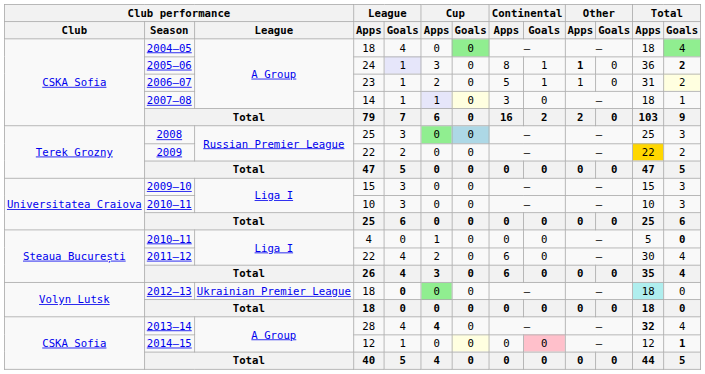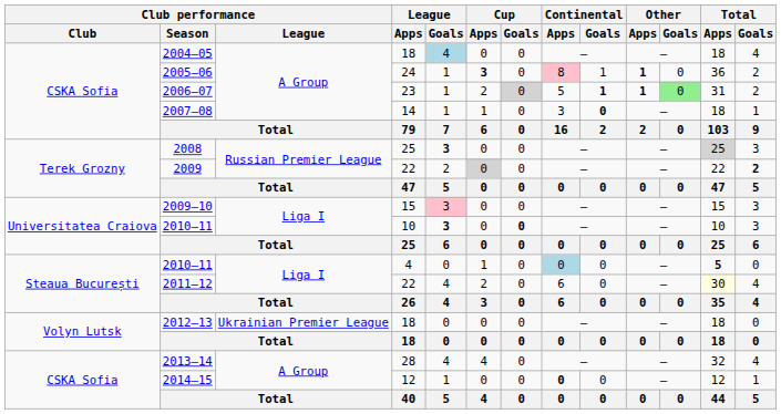 <table class="wikitable" style="text-align: center">
 <tr>
 <th Colspan="3">Club performance</th>
 <th Colspan="2">League</th>
 <th Colspan="2">Cup</th>
 <th Colspan="2">Continental</th>
 <th Colspan="2">Other</th>
 <th Colspan="3">Total</th>
 </tr>
 <tr>
 <th>Club</th>
 <th>Season</th>
 <th>League</th>
 <th>Apps</th>
 <th>Goals</th>
 <th>Apps</th>
 <th>Goals</th>
 <th>Apps</th>
 <th>Goals</th>
 <th>Apps</th>
 <th>Goals</th>
 <th>Apps</th>
 <th>Goals</th>
 </tr>
 <tr>
 <td rowspan="5" valign="center"><a href='#'>CSKA Sofia</a></td>
 <td><a href='#'>2004–05</a></td>
 <td rowspan="4"><a href='#'>A Group</a></td>
 <td>18</td>
-<td>4</td>
+<td style="background: lightblue;">4</td>
 <td>0</td>
-<td style="background: lightgreen;">0</td>
+<td>0</td>
 <td colspan="2">–</td>
 <td colspan="2">–</td>
 <td>18</td>
-<td style="background: lightgreen;">4</td>
+<td>4</td>
 </tr>
 <tr>
 <td><a href='#'>2005–06</a></td>
 <td>24</td>
-<td style="background: lavender;">1</td>
-<td>3</td>
+<td>1</td>
+<td><strong>3</strong></td>
 <td>0</td>
-<td>8</td>
+<td style="background: pink;">8</td>
 <td>1</td>
 <td><strong>1</strong></td>
 <td>0</td>
 <td>36</td>
-<td><strong>2</strong></td>
+<td>2</td>
 </tr>
 <tr>
 <td><a href='#'>2006–07</a></td>
 <td>23</td>
 <td>1</td>
 <td>2</td>
-<td>0</td>
+<td style="background: lightgrey;">0</td>
 <td>5</td>
-<td>1</td>
-<td>1</td>
-<td>0</td>
+<td><strong>1</strong></td>
+<td><strong>1</strong></td>
+<td style="background: lightgreen;">0</td>
 <td>31</td>
-<td style="background: lightyellow;">2</td>
+<td>2</td>
 </tr>
 <tr>
 <td><a href='#'>2007–08</a></td>
 <td>14</td>
 <td>1</td>
-<td style="background: lavender;">1</td>
-<td style="background: lightyellow;">0</td>
+<td>1</td>
+<td>0</td>
 <td>3</td>
-<td>0</td>
+<td><strong>0</strong></td>
 <td colspan="2">–</td>
 <td>18</td>
 <td>1</td>
 </tr>
 <tr>
 <th colspan=2>Total</th>
 <th>79</th>
 <th>7</th>
 <th>6</th>
 <th>0</th>
 <th>16</th>
 <th>2</th>
 <th>2</th>
 <th>0</th>
 <th>103</th>
 <th>9</th>
 </tr>
 <tr>
 <td rowspan="3" valign="center"><a href='#'>Terek Grozny</a></td>
 <td><a href='#'>2008</a></td>
 <td rowspan="2"><a href='#'>Russian Premier League</a></td>
 <td>25</td>
-<td>3</td>
-<td style="background: lightgreen;">0</td>
-<td style="background: lightblue;">0</td>
+<td><strong>3</strong></td>
+<td>0</td>
+<td>0</td>
 <td colspan="2">–</td>
 <td colspan="2">–</td>
-<td>25</td>
+<td style="background: lightgrey;">25</td>
 <td>3</td>
 </tr>
 <tr>
 <td><a href='#'>2009</a></td>
 <td>22</td>
 <td>2</td>
-<td>0</td>
+<td style="background: lightgrey;">0</td>
 <td>0</td>
 <td colspan="2">–</td>
 <td colspan="2">–</td>
-<td style="background: gold;">22</td>
-<td>2</td>
+<td>22</td>
+<td><strong>2</strong></td>
 </tr>
 <tr>
 <th colspan=2>Total</th>
 <th>47</th>
 <th>5</th>
 <th>0</th>
 <th>0</th>
 <th>0</th>
 <th>0</th>
 <th>0</th>
 <th>0</th>
 <th>47</th>
 <th>5</th>
 </tr>
 <tr>
 <td rowspan="3" valign="center"><a href='#'>Universitatea Craiova</a></td>
 <td><a href='#'>2009–10</a></td>
 <td rowspan="2"><a href='#'>Liga I</a></td>
 <td>15</td>
-<td>3</td>
+<td style="background: pink;">3</td>
 <td>0</td>
 <td>0</td>
 <td colspan="2">–</td>
 <td colspan="2">–</td>
 <td>15</td>
 <td>3</td>
 </tr>
 <tr>
 <td><a href='#'>2010–11</a></td>
 <td>10</td>
-<td>3</td>
+<td><strong>3</strong></td>
 <td>0</td>
-<td>0</td>
+<td><strong>0</strong></td>
 <td colspan="2">–</td>
 <td colspan="2">–</td>
 <td>10</td>
 <td>3</td>
 </tr>
 <tr>
 <th colspan=2>Total</th>
 <th>25</th>
 <th>6</th>
 <th>0</th>
 <th>0</th>
 <th>0</th>
 <th>0</th>
 <th>0</th>
 <th>0</th>
 <th>25</th>
 <th>6</th>
 </tr>
 <tr>
 <td rowspan="3" valign="center"><a href='#'>Steaua București</a></td>
 <td><a href='#'>2010–11</a></td>
 <td rowspan="2"><a href='#'>Liga I</a></td>
 <td>4</td>
 <td>0</td>
 <td>1</td>
 <td>0</td>
-<td>0</td>
+<td style="background: lightblue;">0</td>
 <td>0</td>
 <td colspan="2">–</td>
-<td>5</td>
-<td><strong>0</strong></td>
+<td><strong>5</strong></td>
+<td>0</td>
 </tr>
 <tr>
 <td><a href='#'>2011–12</a></td>
 <td>22</td>
 <td>4</td>
 <td>2</td>
 <td>0</td>
 <td>6</td>
 <td>0</td>
 <td colspan="2">–</td>
-<td>30</td>
+<td style="background: lightyellow;">30</td>
 <td>4</td>
 </tr>
 <tr>
 <th colspan=2>Total</th>
 <th>26</th>
 <th>4</th>
 <th>3</th>
 <th>0</th>
 <th>6</th>
 <th>0</th>
 <th>0</th>
 <th>0</th>
 <th>35</th>
 <th>4</th>
 </tr>
 <tr>
 <td rowspan="2" valign="center"><a href='#'>Volyn Lutsk</a></td>
 <td><a href='#'>2012–13</a></td>
 <td><a href='#'>Ukrainian Premier League</a></td>
 <td>18</td>
-<td><strong>0</strong></td>
-<td style="background: lightgreen;">0</td>
+<td>0</td>
+<td>0</td>
 <td>0</td>
 <td colspan="2">–</td>
 <td colspan="2">–</td>
-<td style="background: paleturquoise;">18</td>
+<td>18</td>
 <td>0</td>
 </tr>
 <tr>
 <th colspan=2>Total</th>
 <th>18</th>
 <th>0</th>
 <th>0</th>
 <th>0</th>
 <th>0</th>
 <th>0</th>
 <th>0</th>
 <th>0</th>
 <th>18</th>
 <th>0</th>
 </tr>
 <tr>
 <td rowspan="3" valign="center"><a href='#'>CSKA Sofia</a></td>
 <td><a href='#'>2013–14</a></td>
 <td rowspan="2"><a href='#'>A Group</a></td>
 <td>28</td>
 <td>4</td>
-<td><strong>4</strong></td>
+<td>4</td>
 <td>0</td>
 <td colspan="2">–</td>
 <td colspan="2">–</td>
-<td><strong>32</strong></td>
+<td>32</td>
 <td>4</td>
 </tr>
 <tr>
 <td><a href='#'>2014–15</a></td>
 <td>12</td>
 <td>1</td>
 <td>0</td>
-<td style="background: lightyellow;">0</td>
 <td>0</td>
-<td style="background: pink;">0</td>
+<td><strong>0</strong></td>
+<td>0</td>
 <td colspan="2">–</td>
 <td>12</td>
-<td><strong>1</strong></td>
+<td>1</td>
 </tr>
 <tr>
 <th colspan=2>Total</th>
 <th>40</th>
 <th>5</th>
 <th>4</th>
 <th>0</th>
 <th>0</th>
 <th>0</th>
 <th>0</th>
 <th>0</th>
 <th>44</th>
 <th>5</th>
 </tr>
 </table>
